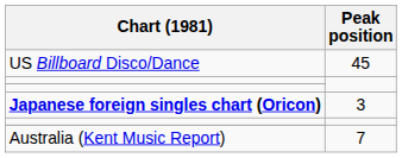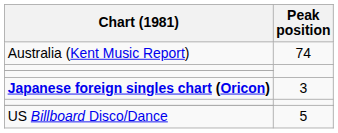 <table class="wikitable sortable">
 <tr>
 <th>Chart (1981)</th>
 <th style="text-align:center;">Peak<br>position</th>
 </tr>
 <tr>
-<td>US <a href='#'><em>Billboard</em> Disco/Dance</a></td>
-<td style="text-align:center;">45</td>
+<td>Australia (<a href='#'>Kent Music Report</a>)</td>
+<td style="text-align:center;">74</td>
 </tr>
 <tr>
 <td></td>
 </tr>
 <tr>
 </tr>
 <tr>
 <td></td>
 </tr>
 <tr>
 <td><strong><a href='#'>Japanese foreign singles chart</a> (<a href='#'>Oricon</a>)</strong></td>
 <td style="text-align:center;">3</td>
 </tr>
 <tr>
 <td></td>
 </tr>
 <tr>
 </tr>
 <tr>
 </tr>
 <tr>
 </tr>
 <tr>
-<td>Australia (<a href='#'>Kent Music Report</a>)</td>
-<td style="text-align:center;">7</td>
+<td>US <a href='#'><em>Billboard</em> Disco/Dance</a></td>
+<td style="text-align:center;">5</td>
 </tr>
 </table>
